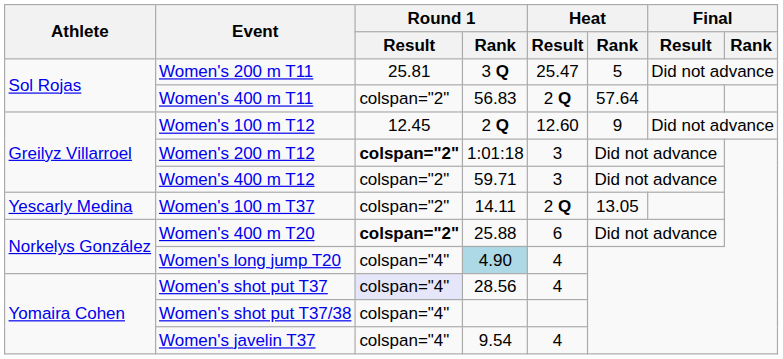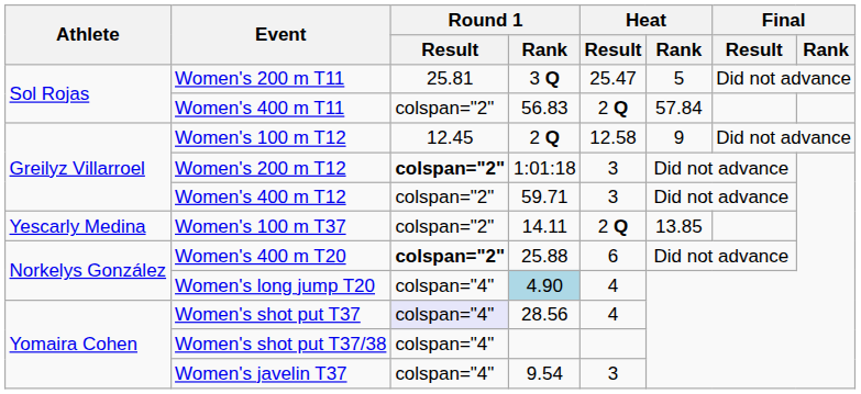 <table class=wikitable style="font-size:90%;">
 <tr>
 <th rowspan="2">Athlete</th>
 <th rowspan="2">Event</th>
 <th colspan="2">Round 1</th>
 <th colspan="2">Heat</th>
 <th colspan="2">Final</th>
 </tr>
 <tr>
 <th>Result</th>
 <th>Rank</th>
 <th>Result</th>
 <th>Rank</th>
 <th>Result</th>
 <th>Rank</th>
 </tr>
 <tr>
 <td rowspan=2><a href='#'>Sol Rojas</a></td>
 <td><a href='#'>Women's 200 m T11</a></td>
 <td align=center>25.81</td>
 <td align=center>3 <strong>Q</strong></td>
 <td align=center>25.47</td>
 <td align=center>5</td>
 <td colspan=2 align=center>Did not advance</td>
 </tr>
 <tr>
 <td><a href='#'>Women's 400 m T11</a></td>
 <td>colspan="2" </td>
 <td align=center>56.83</td>
 <td align=center>2 <strong>Q</strong></td>
-<td align=center>57.64</td>
+<td align=center>57.84</td>
 <td align=center></td>
 </tr>
 <tr>
 <td rowspan=3><a href='#'>Greilyz Villarroel</a></td>
 <td><a href='#'>Women's 100 m T12</a></td>
 <td align=center>12.45</td>
 <td align=center>2 <strong>Q</strong></td>
-<td align=center>12.60</td>
+<td align=center>12.58</td>
 <td align=center>9</td>
 <td colspan=2 align=center>Did not advance</td>
 </tr>
 <tr>
 <td><a href='#'>Women's 200 m T12</a></td>
 <td><strong>colspan="2" </strong></td>
 <td align=center>1:01:18</td>
 <td align=center>3</td>
 <td colspan=2 align=center>Did not advance</td>
 </tr>
 <tr>
 <td><a href='#'>Women's 400 m T12</a></td>
 <td>colspan="2" </td>
 <td align=center>59.71</td>
 <td align=center>3</td>
 <td colspan=2 align=center>Did not advance</td>
 </tr>
 <tr>
 <td><a href='#'>Yescarly Medina</a></td>
 <td><a href='#'>Women's 100 m T37</a></td>
 <td>colspan="2" </td>
 <td align=center>14.11</td>
 <td align=center>2 <strong>Q</strong></td>
-<td align=center>13.05</td>
+<td align=center>13.85</td>
 <td align=center></td>
 </tr>
 <tr>
 <td rowspan=2><a href='#'>Norkelys González</a></td>
 <td><a href='#'>Women's 400 m T20</a></td>
 <td><strong>colspan="2" </strong></td>
 <td align=center>25.88</td>
 <td align=center>6</td>
 <td colspan=2 align=center>Did not advance</td>
 </tr>
 <tr>
 <td><a href='#'>Women's long jump T20</a></td>
 <td>colspan="4" </td>
 <td align=center style="background: lightblue;">4.90</td>
 <td align=center>4</td>
 </tr>
 <tr>
 <td rowspan=3><a href='#'>Yomaira Cohen</a></td>
 <td><a href='#'>Women's shot put T37</a></td>
 <td style="background: lavender;">colspan="4" </td>
 <td align=center>28.56</td>
 <td align=center>4</td>
 </tr>
 <tr>
 <td><a href='#'>Women's shot put T37/38</a></td>
 <td>colspan="4" </td>
 <td align=center></td>
 <td align=center></td>
 </tr>
 <tr>
 <td><a href='#'>Women's javelin T37</a></td>
 <td>colspan="4" </td>
 <td align=center>9.54</td>
-<td align=center>4</td>
+<td align=center>3</td>
 </tr>
 </table>
